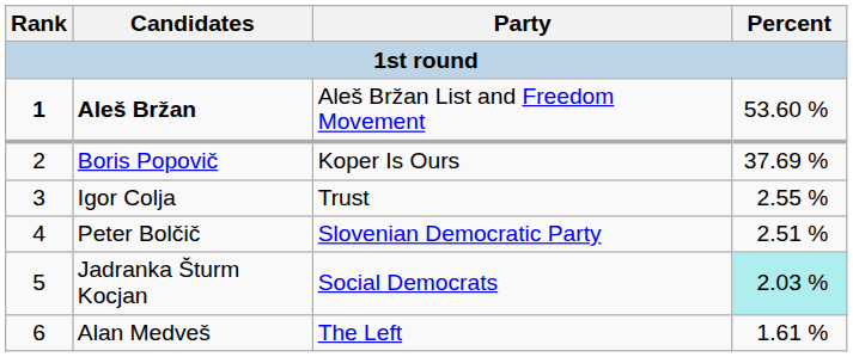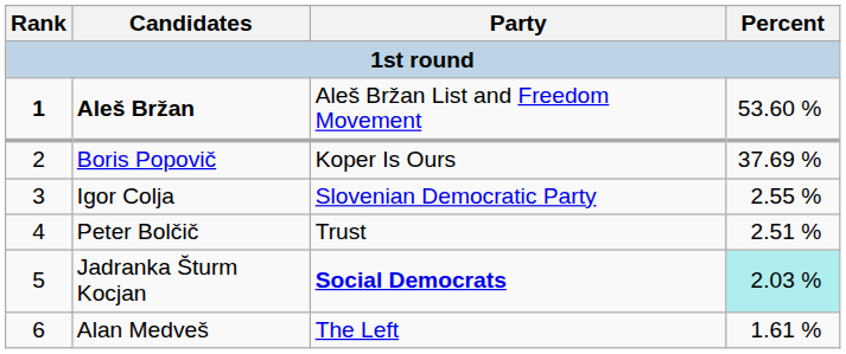 <table class="wikitable">
 <tr>
 <th width=37>Rank</th>
 <th width=160>Candidates</th>
 <th width=285>Party</th>
 <th width=72>Percent</th>
 </tr>
 <tr>
 <td bgcolor=#BCD4E6 colspan=4 align=center><strong>1st round</strong></td>
 </tr>
 <tr>
 <td align=center><strong>1</strong></td>
 <td><strong>Aleš Bržan</strong> </td>
 <td>Aleš Bržan List and <a href='#'>Freedom Movement</a></td>
 <td align=right>53.60 %  </td>
 </tr>
 <tr>
 <td style="border-top-width:3px" align=center>2</td>
 <td style="border-top-width:3px"><a href='#'>Boris Popovič</a></td>
 <td style="border-top-width:3px">Koper Is Ours</td>
 <td style="border-top-width:3px" align=right>37.69 %  </td>
 </tr>
 <tr>
 <td align=center>3</td>
 <td>Igor Colja</td>
-<td>Trust</td>
+<td><a href='#'>Slovenian Democratic Party</a></td>
 <td align=right>2.55 %  </td>
 </tr>
 <tr>
 <td align=center>4</td>
 <td>Peter Bolčič</td>
-<td><a href='#'>Slovenian Democratic Party</a></td>
+<td>Trust</td>
 <td align=right>2.51 %  </td>
 </tr>
 <tr>
 <td align=center>5</td>
 <td>Jadranka Šturm Kocjan</td>
-<td><a href='#'>Social Democrats</a></td>
+<td><strong><a href='#'>Social Democrats</a></strong></td>
 <td align=right style="background: paleturquoise;">2.03 %  </td>
 </tr>
 <tr>
 <td align=center>6</td>
 <td>Alan Medveš</td>
 <td><a href='#'>The Left</a></td>
 <td align=right>1.61 %  </td>
 </tr>
 </table>
